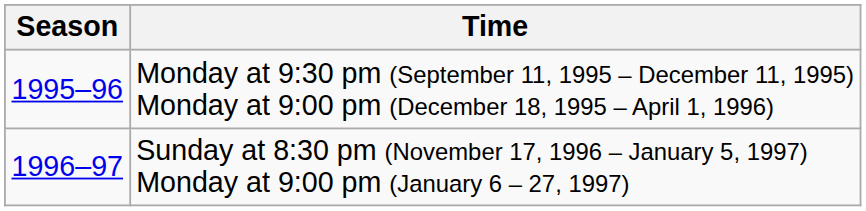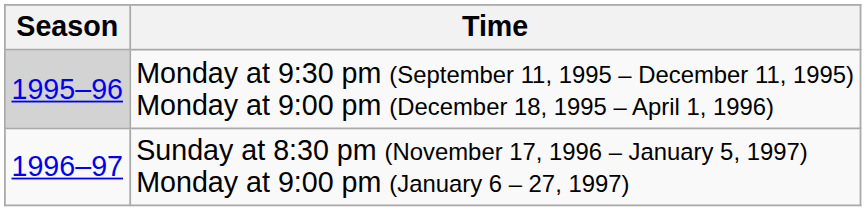 <table class="wikitable">
 <tr>
 <th>Season</th>
 <th>Time</th>
 </tr>
 <tr>
-<td><a href='#'>1995–96</a></td>
+<td style="background: lightgrey;"><a href='#'>1995–96</a></td>
 <td>Monday at 9:30 pm <small>(September 11, 1995 – December 11, 1995)</small><br>Monday at 9:00 pm <small>(December 18, 1995 – April 1, 1996)</small></td>
 </tr>
 <tr>
 <td><a href='#'>1996–97</a></td>
 <td>Sunday at 8:30 pm <small>(November 17, 1996 – January 5, 1997)</small><br>Monday at 9:00 pm <small>(January 6 – 27, 1997)</small></td>
 </tr>
 </table>
